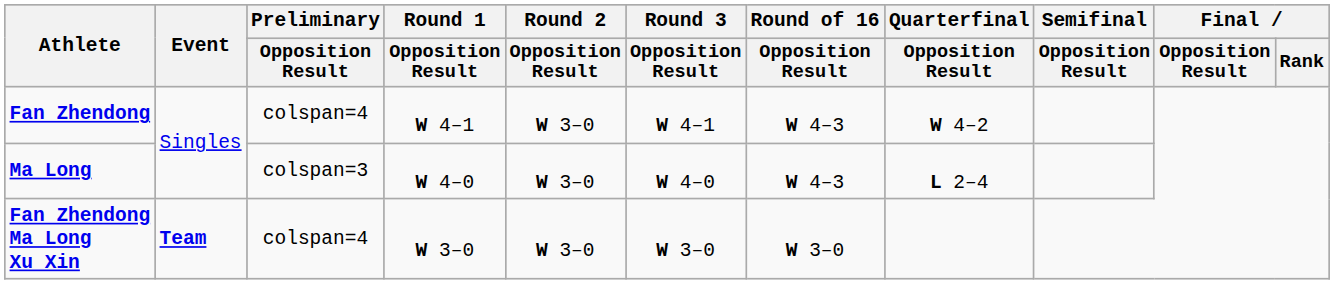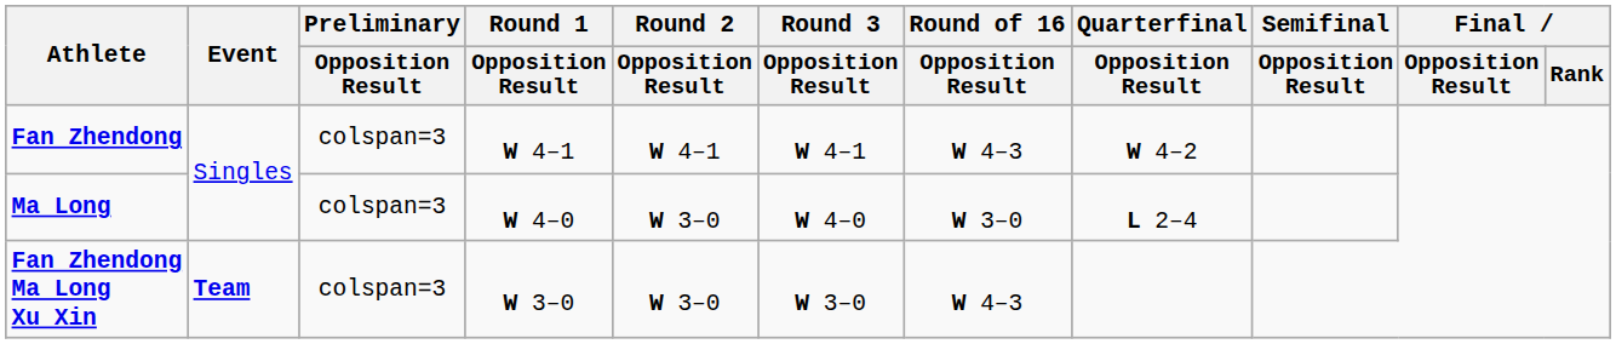 <table class="wikitable" style="font-size:90%;">
 <tr>
 <th rowspan=2>Athlete</th>
 <th rowspan=2>Event</th>
 <th>Preliminary</th>
 <th>Round 1</th>
 <th>Round 2</th>
 <th>Round 3</th>
 <th>Round of 16</th>
 <th>Quarterfinal</th>
 <th>Semifinal</th>
 <th colspan=2>Final / </th>
 </tr>
 <tr style="font-size:95%">
 <th>Opposition<br>Result</th>
 <th>Opposition<br>Result</th>
 <th>Opposition<br>Result</th>
 <th>Opposition<br>Result</th>
 <th>Opposition<br>Result</th>
 <th>Opposition<br>Result</th>
 <th>Opposition<br>Result</th>
 <th>Opposition<br>Result</th>
 <th>Rank</th>
 </tr>
 <tr align=center>
 <td align=left><strong><a href='#'>Fan Zhendong</a></strong></td>
 <td align=left rowspan=2><a href='#'>Singles</a></td>
-<td>colspan=4 </td>
+<td>colspan=3 </td>
 <td><br> <strong>W</strong> 4–1</td>
-<td><br> <strong>W</strong> 3–0</td>
+<td><br> <strong>W</strong> 4–1</td>
 <td><br> <strong>W</strong> 4–1</td>
 <td><br> <strong>W</strong> 4–3</td>
 <td><br> <strong>W</strong> 4–2</td>
 <td></td>
 </tr>
 <tr align=center>
 <td align=left><strong><a href='#'>Ma Long</a></strong></td>
 <td>colspan=3 </td>
 <td><br> <strong>W</strong> 4–0</td>
 <td><br> <strong>W</strong> 3–0</td>
 <td><br> <strong>W</strong> 4–0</td>
-<td><br> <strong>W</strong> 4–3</td>
+<td><br> <strong>W</strong> 3–0</td>
 <td><br> <strong>L</strong> 2–4</td>
 <td></td>
 </tr>
 <tr align=center>
 <td align=left><strong><a href='#'>Fan Zhendong</a><br><a href='#'>Ma Long</a><br><a href='#'>Xu Xin</a></strong></td>
 <td align=left><strong><a href='#'>Team</a></strong></td>
-<td>colspan=4 </td>
+<td>colspan=3 </td>
 <td><br> <strong>W</strong> 3–0</td>
 <td><br> <strong>W</strong> 3–0</td>
 <td><br> <strong>W</strong> 3–0</td>
-<td><br> <strong>W</strong> 3–0</td>
+<td><br> <strong>W</strong> 4–3</td>
 <td></td>
 </tr>
 </table>
